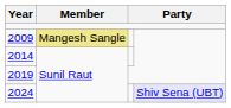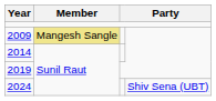 <table class="wikitable">
 <tr>
 <th>Year</th>
 <th>Member</th>
 <th colspan="2">Party</th>
 </tr>
 <tr>
 <td colspan=4></td>
 </tr>
 <tr>
 <td><a href='#'>2009</a></td>
 <td style="background: khaki;">Mangesh Sangle</td>
 <td></td>
 </tr>
 <tr>
 <td><a href='#'>2014</a></td>
 <td rowspan="3"><a href='#'>Sunil Raut</a></td>
 <td></td>
 </tr>
 <tr>
 <td><a href='#'>2019</a></td>
 </tr>
 <tr>
 <td><a href='#'>2024</a></td>
 <td style="background-color: "></td>
-<td style="background: lavender;"><a href='#'>Shiv Sena (UBT)</a></td>
+<td><a href='#'>Shiv Sena (UBT)</a></td>
 </tr>
 </table>
